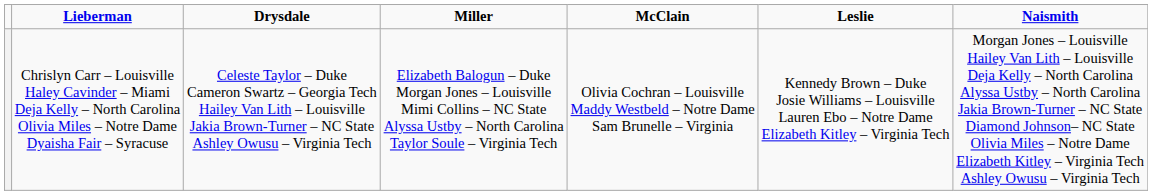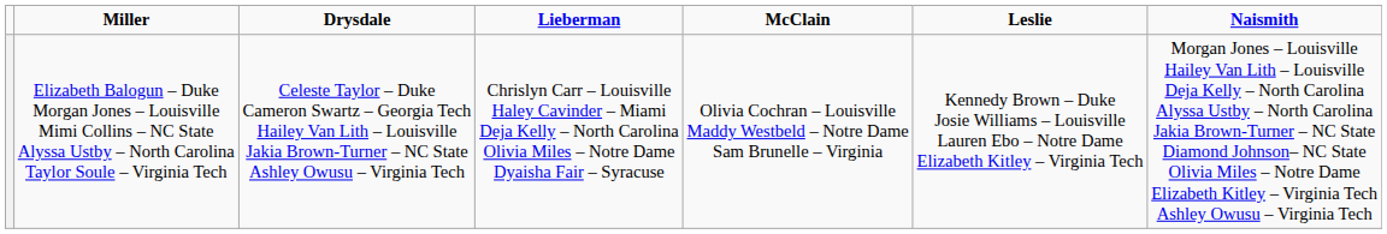 <table class="wikitable" style="white-space:nowrap; text-align:center; font-size:90%;">
 <tr>
 <td></td>
+<td><strong>Miller</strong></td>
+<td><strong>Drysdale</strong></td>
 <td><strong><a href='#'>Lieberman</a></strong></td>
-<td><strong>Drysdale</strong></td>
-<td><strong>Miller</strong></td>
 <td><strong>McClain</strong></td>
 <td><strong>Leslie</strong></td>
 <td><strong><a href='#'>Naismith</a></strong></td>
 </tr>
 <tr>
 <th></th>
+<td><a href='#'>Elizabeth Balogun</a> – Duke<br>Morgan Jones – Louisville<br>Mimi Collins – NC State<br><a href='#'>Alyssa Ustby</a> – North Carolina<br><a href='#'>Taylor Soule</a> – Virginia Tech</td>
+<td><a href='#'>Celeste Taylor</a> – Duke<br>Cameron Swartz – Georgia Tech<br><a href='#'>Hailey Van Lith</a> – Louisville<br><a href='#'>Jakia Brown-Turner</a> – NC State<br><a href='#'>Ashley Owusu</a> – Virginia Tech</td>
 <td>Chrislyn Carr – Louisville<br><a href='#'>Haley Cavinder</a> – Miami<br><a href='#'>Deja Kelly</a> – North Carolina<br><a href='#'>Olivia Miles</a> – Notre Dame<br><a href='#'>Dyaisha Fair</a> – Syracuse</td>
-<td><a href='#'>Celeste Taylor</a> – Duke<br>Cameron Swartz – Georgia Tech<br><a href='#'>Hailey Van Lith</a> – Louisville<br><a href='#'>Jakia Brown-Turner</a> – NC State<br><a href='#'>Ashley Owusu</a> – Virginia Tech</td>
-<td><a href='#'>Elizabeth Balogun</a> – Duke<br>Morgan Jones – Louisville<br>Mimi Collins – NC State<br><a href='#'>Alyssa Ustby</a> – North Carolina<br><a href='#'>Taylor Soule</a> – Virginia Tech</td>
 <td>Olivia Cochran – Louisville<br><a href='#'>Maddy Westbeld</a> – Notre Dame<br>Sam Brunelle – Virginia</td>
 <td>Kennedy Brown – Duke<br>Josie Williams – Louisville<br>Lauren Ebo – Notre Dame<br><a href='#'>Elizabeth Kitley</a> – Virginia Tech</td>
 <td>Morgan Jones – Louisville<br><a href='#'>Hailey Van Lith</a> – Louisville<br><a href='#'>Deja Kelly</a> – North Carolina<br><a href='#'>Alyssa Ustby</a> – North Carolina<br><a href='#'>Jakia Brown-Turner</a> – NC State<br><a href='#'>Diamond Johnson</a>– NC State<br><a href='#'>Olivia Miles</a> – Notre Dame<br><a href='#'>Elizabeth Kitley</a> – Virginia Tech<br><a href='#'>Ashley Owusu</a> – Virginia Tech</td>
 </tr>
 </table>
